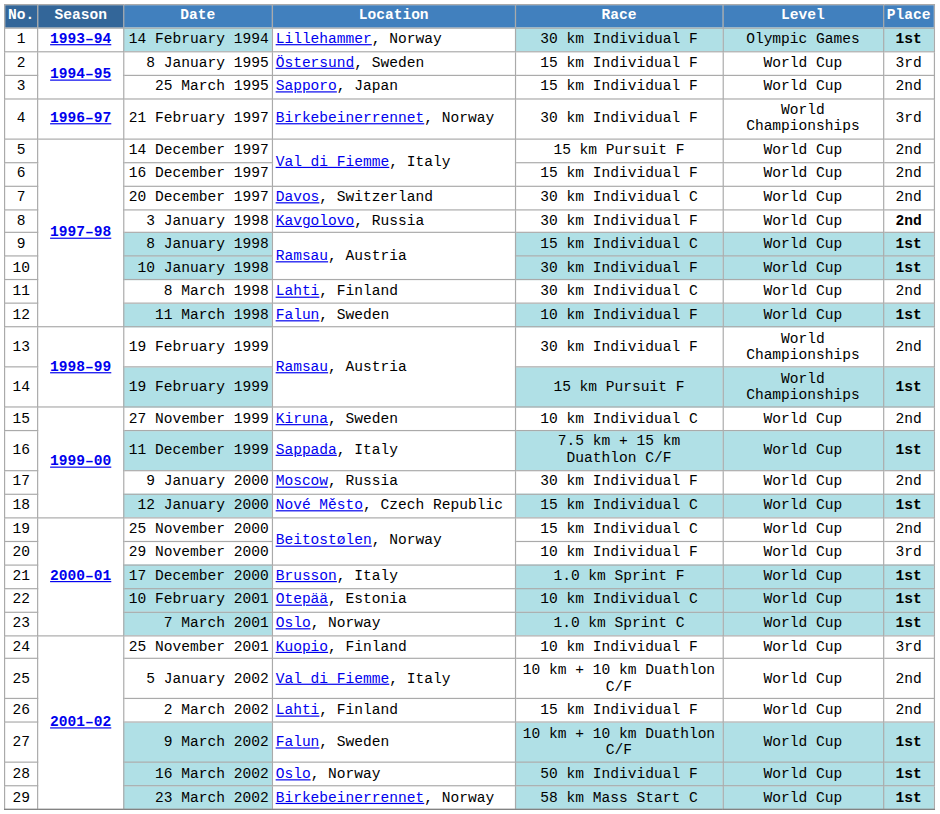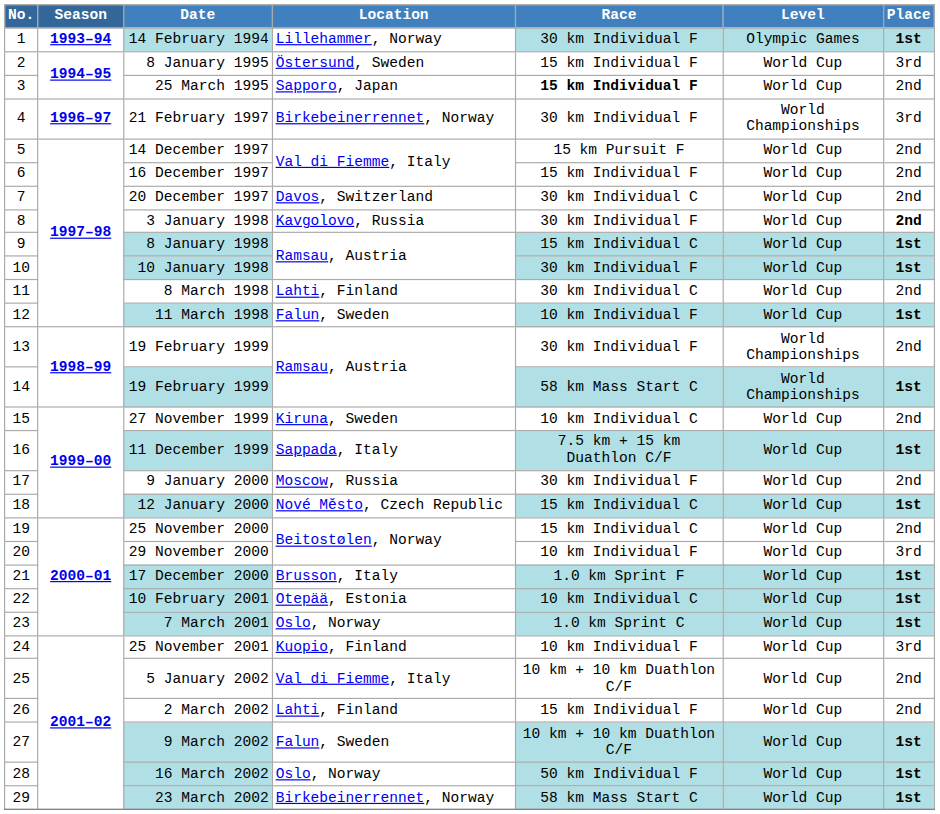 <table class="wikitable sortable" style="font-size:95%; text-align:center; border:grey solid 1px; border-collapse:collapse; background:#ffffff;">
 <tr style="background:#efefef;">
 <th style="background-color:#369; color:white;">No.</th>
 <th style="background-color:#369; color:white;">Season</th>
 <th style="background-color:#4180be; color:white; width:120px;">Date</th>
 <th style="background-color:#4180be; color:white; width:200px;">Location</th>
 <th style="background-color:#4180be; color:white; width:170px;">Race</th>
 <th style="background-color:#4180be; color:white; width:130px;">Level</th>
 <th style="background-color:#4180be; color:white;">Place</th>
 </tr>
 <tr>
 <td align=center>1</td>
 <td rowspan=1 align=center><strong><a href='#'>1993–94</a></strong></td>
 <td bgcolor="#BOEOE6" align=right>14 February 1994</td>
 <td align=left> <a href='#'>Lillehammer</a>, Norway</td>
 <td bgcolor="#BOEOE6">30 km Individual F</td>
 <td bgcolor="#BOEOE6">Olympic Games</td>
 <td bgcolor="#BOEOE6"><strong>1st</strong></td>
 </tr>
 <tr>
 <td align=center>2</td>
 <td rowspan=2 align=center><strong> <a href='#'>1994–95</a> </strong></td>
 <td align=right>8 January 1995</td>
 <td align=left> <a href='#'>Östersund</a>, Sweden</td>
 <td>15 km Individual F</td>
 <td>World Cup</td>
 <td>3rd</td>
 </tr>
 <tr>
 <td align=center>3</td>
 <td align=right>25 March 1995</td>
 <td align=left> <a href='#'>Sapporo</a>, Japan</td>
-<td>15 km Individual F</td>
+<td><strong>15 km Individual F</strong></td>
 <td>World Cup</td>
 <td>2nd</td>
 </tr>
 <tr>
 <td align=center>4</td>
 <td rowspan=1 align=center><strong> <a href='#'>1996–97</a> </strong></td>
 <td align=right>21 February 1997</td>
 <td align=left> <a href='#'>Birkebeinerrennet</a>, Norway</td>
 <td>30 km Individual F</td>
 <td>World Championships</td>
 <td>3rd</td>
 </tr>
 <tr>
 <td align=center>5</td>
 <td rowspan=8 align=center><strong> <a href='#'>1997–98</a> </strong></td>
 <td align=right>14 December 1997</td>
 <td rowspan=2 align=left> <a href='#'>Val di Fiemme</a>, Italy</td>
 <td>15 km Pursuit F</td>
 <td>World Cup</td>
 <td>2nd</td>
 </tr>
 <tr>
 <td align=center>6</td>
 <td align=right>16 December 1997</td>
 <td>15 km Individual F</td>
 <td>World Cup</td>
 <td>2nd</td>
 </tr>
 <tr>
 <td align=center>7</td>
 <td align=right>20 December 1997</td>
 <td align=left> <a href='#'>Davos</a>, Switzerland</td>
 <td>30 km Individual C</td>
 <td>World Cup</td>
 <td>2nd</td>
 </tr>
 <tr>
 <td align=center>8</td>
 <td align=right>3 January 1998</td>
 <td align=left> <a href='#'>Kavgolovo</a>, Russia</td>
 <td>30 km Individual F</td>
 <td>World Cup</td>
 <td><strong>2nd</strong></td>
 </tr>
 <tr>
 <td align=center>9</td>
 <td bgcolor="#BOEOE6" align=right>8 January 1998</td>
 <td rowspan=2 align=left> <a href='#'>Ramsau</a>, Austria</td>
 <td bgcolor="#BOEOE6">15 km Individual C</td>
 <td bgcolor="#BOEOE6">World Cup</td>
 <td bgcolor="#BOEOE6"><strong>1st</strong></td>
 </tr>
 <tr>
 <td align=center>10</td>
 <td bgcolor="#BOEOE6" align=right>10 January 1998</td>
 <td bgcolor="#BOEOE6">30 km Individual F</td>
 <td bgcolor="#BOEOE6">World Cup</td>
 <td bgcolor="#BOEOE6"><strong>1st</strong></td>
 </tr>
 <tr>
 <td align=center>11</td>
 <td align=right>8 March 1998</td>
 <td align=left> <a href='#'>Lahti</a>, Finland</td>
 <td>30 km Individual C</td>
 <td>World Cup</td>
 <td>2nd</td>
 </tr>
 <tr>
 <td align=center>12</td>
 <td bgcolor="#BOEOE6" align=right>11 March 1998</td>
 <td align=left> <a href='#'>Falun</a>, Sweden</td>
 <td bgcolor="#BOEOE6">10 km Individual F</td>
 <td bgcolor="#BOEOE6">World Cup</td>
 <td bgcolor="#BOEOE6"><strong>1st</strong></td>
 </tr>
 <tr>
 <td align=center>13</td>
 <td rowspan=2 align=center><strong> <a href='#'>1998–99</a> </strong></td>
 <td align=right>19 February 1999</td>
 <td rowspan=2 align=left> <a href='#'>Ramsau</a>, Austria</td>
 <td>30 km Individual F</td>
 <td>World Championships</td>
 <td>2nd</td>
 </tr>
 <tr>
 <td align=center>14</td>
 <td bgcolor="#BOEOE6" align=right>19 February 1999</td>
-<td bgcolor="#BOEOE6">15 km Pursuit F</td>
+<td bgcolor="#BOEOE6">58 km Mass Start C</td>
 <td bgcolor="#BOEOE6">World Championships</td>
 <td bgcolor="#BOEOE6"><strong>1st</strong></td>
 </tr>
 <tr>
 <td align=center>15</td>
 <td rowspan=4 align=center><strong> <a href='#'>1999–00</a> </strong></td>
 <td align=right>27 November 1999</td>
 <td align=left> <a href='#'>Kiruna</a>, Sweden</td>
 <td>10 km Individual C</td>
 <td>World Cup</td>
 <td>2nd</td>
 </tr>
 <tr>
 <td align=center>16</td>
 <td bgcolor="#BOEOE6" align=right>11 December 1999</td>
 <td align=left> <a href='#'>Sappada</a>, Italy</td>
 <td bgcolor="#BOEOE6">7.5 km + 15 km Duathlon C/F</td>
 <td bgcolor="#BOEOE6">World Cup</td>
 <td bgcolor="#BOEOE6"><strong>1st</strong></td>
 </tr>
 <tr>
 <td align=center>17</td>
 <td align=right>9 January 2000</td>
 <td align=left> <a href='#'>Moscow</a>, Russia</td>
 <td>30 km Individual F</td>
 <td>World Cup</td>
 <td>2nd</td>
 </tr>
 <tr>
 <td align=center>18</td>
 <td bgcolor="#BOEOE6" align=right>12 January 2000</td>
 <td align=left> <a href='#'>Nové Město</a>, Czech Republic</td>
 <td bgcolor="#BOEOE6">15 km Individual C</td>
 <td bgcolor="#BOEOE6">World Cup</td>
 <td bgcolor="#BOEOE6"><strong>1st</strong></td>
 </tr>
 <tr>
 <td align=center>19</td>
 <td rowspan=5 align=center><strong> <a href='#'>2000–01</a> </strong></td>
 <td align=right>25 November 2000</td>
 <td rowspan=2 align=left> <a href='#'>Beitostølen</a>, Norway</td>
 <td>15 km Individual C</td>
 <td>World Cup</td>
 <td>2nd</td>
 </tr>
 <tr>
 <td align=center>20</td>
 <td align=right>29 November 2000</td>
 <td>10 km Individual F</td>
 <td>World Cup</td>
 <td>3rd</td>
 </tr>
 <tr>
 <td align=center>21</td>
 <td bgcolor="#BOEOE6" align=right>17 December 2000</td>
 <td align=left> <a href='#'>Brusson</a>, Italy</td>
 <td bgcolor="#BOEOE6">1.0 km Sprint F</td>
 <td bgcolor="#BOEOE6">World Cup</td>
 <td bgcolor="#BOEOE6"><strong>1st</strong></td>
 </tr>
 <tr>
 <td align=center>22</td>
 <td bgcolor="#BOEOE6" align=right>10 February 2001</td>
 <td align=left> <a href='#'>Otepää</a>, Estonia</td>
 <td bgcolor="#BOEOE6">10 km Individual C</td>
 <td bgcolor="#BOEOE6">World Cup</td>
 <td bgcolor="#BOEOE6"><strong>1st</strong></td>
 </tr>
 <tr>
 <td align=center>23</td>
 <td bgcolor="#BOEOE6" align=right>7 March 2001</td>
 <td align=left> <a href='#'>Oslo</a>, Norway</td>
 <td bgcolor="#BOEOE6">1.0 km Sprint C</td>
 <td bgcolor="#BOEOE6">World Cup</td>
 <td bgcolor="#BOEOE6"><strong>1st</strong></td>
 </tr>
 <tr>
 <td align=center>24</td>
 <td rowspan=6 align=center><strong> <a href='#'>2001–02</a> </strong></td>
 <td align=right>25 November 2001</td>
 <td align=left> <a href='#'>Kuopio</a>, Finland</td>
 <td>10 km Individual F</td>
 <td>World Cup</td>
 <td>3rd</td>
 </tr>
 <tr>
 <td align=center>25</td>
 <td align=right>5 January 2002</td>
 <td align=left> <a href='#'>Val di Fiemme</a>, Italy</td>
 <td>10 km + 10 km Duathlon C/F</td>
 <td>World Cup</td>
 <td>2nd</td>
 </tr>
 <tr>
 <td align=center>26</td>
 <td align=right>2 March 2002</td>
 <td align=left> <a href='#'>Lahti</a>, Finland</td>
 <td>15 km Individual F</td>
 <td>World Cup</td>
 <td>2nd</td>
 </tr>
 <tr>
 <td align=center>27</td>
 <td bgcolor="#BOEOE6" align=right>9 March 2002</td>
 <td align=left> <a href='#'>Falun</a>, Sweden</td>
 <td bgcolor="#BOEOE6">10 km + 10 km Duathlon C/F</td>
 <td bgcolor="#BOEOE6">World Cup</td>
 <td bgcolor="#BOEOE6"><strong>1st</strong></td>
 </tr>
 <tr>
 <td align=center>28</td>
 <td bgcolor="#BOEOE6" align=right>16 March 2002</td>
 <td align=left> <a href='#'>Oslo</a>, Norway</td>
 <td bgcolor="#BOEOE6">50 km Individual F</td>
 <td bgcolor="#BOEOE6">World Cup</td>
 <td bgcolor="#BOEOE6"><strong>1st</strong></td>
 </tr>
 <tr>
 <td align=center>29</td>
 <td bgcolor="#BOEOE6" align=right>23 March 2002</td>
 <td align=left> <a href='#'>Birkebeinerrennet</a>, Norway</td>
 <td bgcolor="#BOEOE6">58 km Mass Start C</td>
 <td bgcolor="#BOEOE6">World Cup</td>
 <td bgcolor="#BOEOE6"><strong>1st</strong></td>
 </tr>
 <tr>
 </tr>
 </table>
